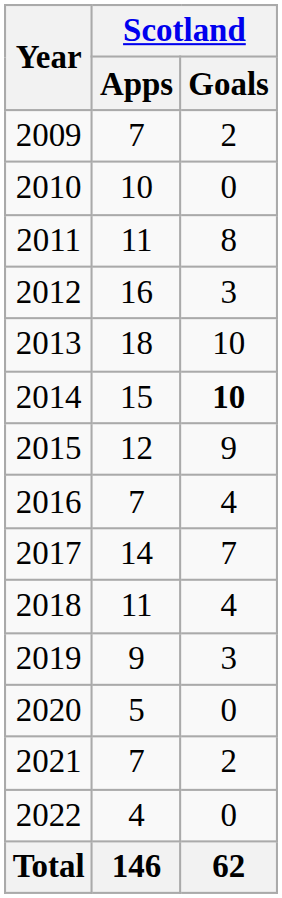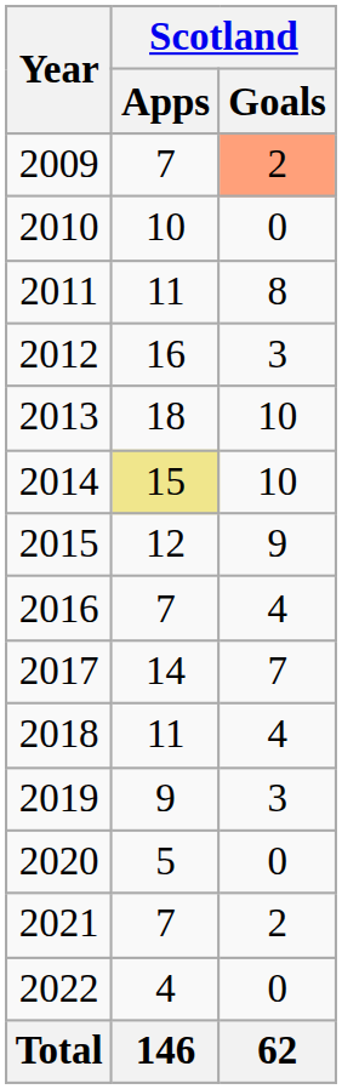 <table class="wikitable" style="text-align:center">
 <tr>
 <th rowspan=2>Year</th>
 <th colspan=2><a href='#'>Scotland</a></th>
 </tr>
 <tr>
 <th>Apps</th>
 <th>Goals</th>
 </tr>
 <tr>
 <td>2009</td>
 <td>7</td>
-<td>2</td>
+<td style="background: lightsalmon;">2</td>
 </tr>
 <tr>
 <td>2010</td>
 <td>10</td>
 <td>0</td>
 </tr>
 <tr>
 <td>2011</td>
 <td>11</td>
 <td>8</td>
 </tr>
 <tr>
 <td>2012</td>
 <td>16</td>
 <td>3</td>
 </tr>
 <tr>
 <td>2013</td>
 <td>18</td>
 <td>10</td>
 </tr>
 <tr>
 <td>2014</td>
-<td>15</td>
-<td><strong>10</strong></td>
+<td style="background: khaki;">15</td>
+<td>10</td>
 </tr>
 <tr>
 <td>2015</td>
 <td>12</td>
 <td>9</td>
 </tr>
 <tr>
 <td>2016</td>
 <td>7</td>
 <td>4</td>
 </tr>
 <tr>
 <td>2017</td>
 <td>14</td>
 <td>7</td>
 </tr>
 <tr>
 <td>2018</td>
 <td>11</td>
 <td>4</td>
 </tr>
 <tr>
 <td>2019</td>
 <td>9</td>
 <td>3</td>
 </tr>
 <tr>
 <td>2020</td>
 <td>5</td>
 <td>0</td>
 </tr>
 <tr>
 <td>2021</td>
 <td>7</td>
 <td>2</td>
 </tr>
 <tr>
 <td>2022</td>
 <td>4</td>
 <td>0</td>
 </tr>
 <tr>
 <th>Total</th>
 <th>146</th>
 <th>62</th>
 </tr>
 </table>
